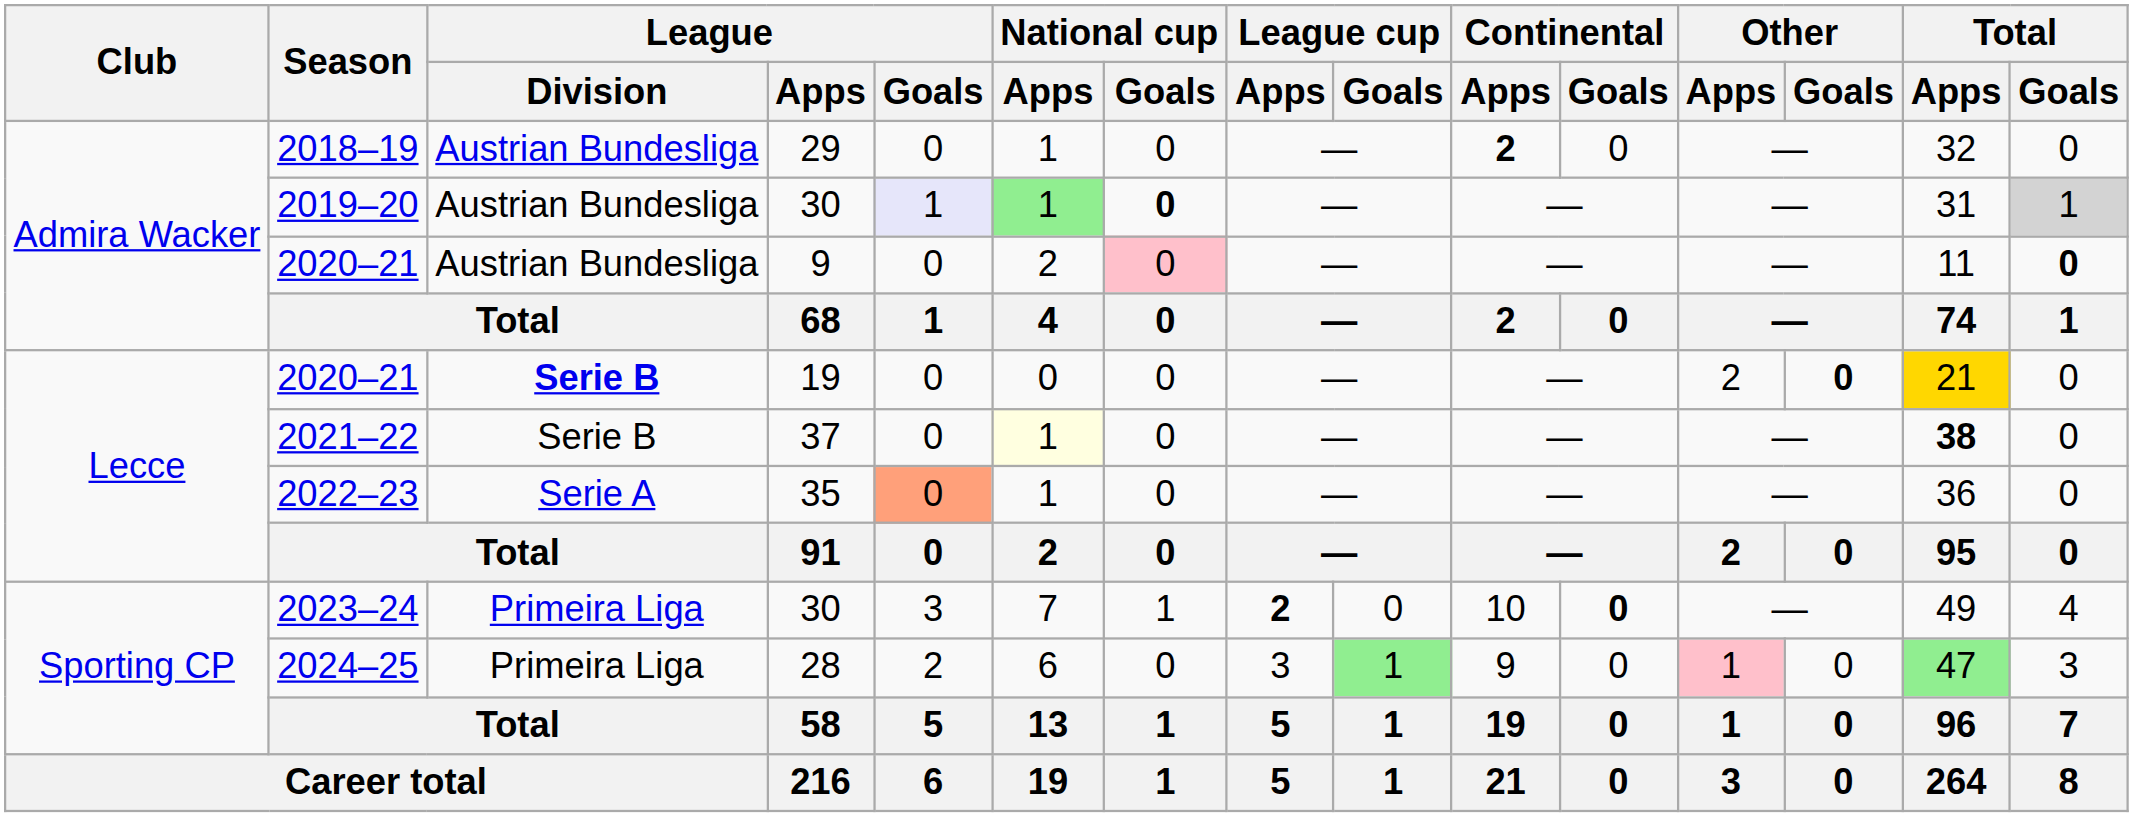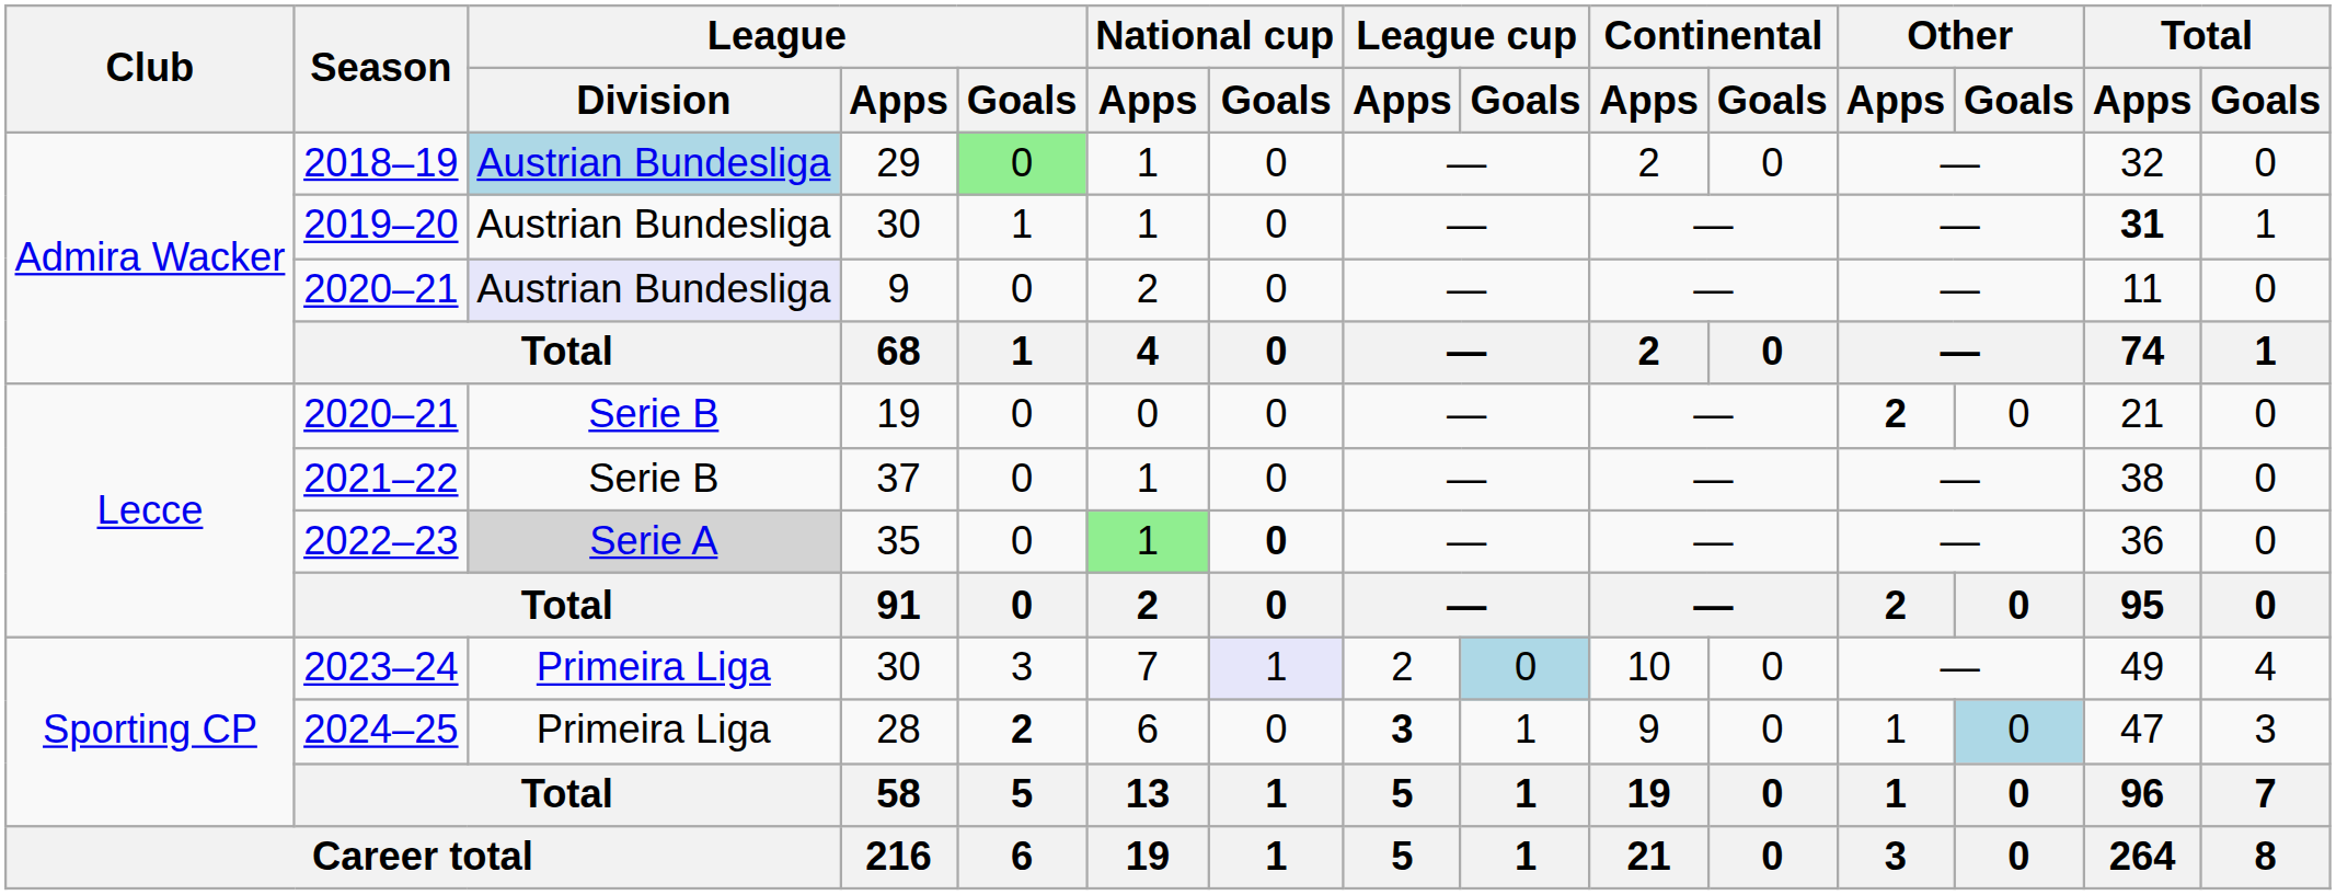 <table class="wikitable" style="text-align: center;">
 <tr>
 <th rowspan="2">Club</th>
 <th rowspan="2">Season</th>
 <th colspan="3">League</th>
 <th colspan="2">National cup</th>
 <th colspan="2">League cup</th>
 <th colspan="2">Continental</th>
 <th colspan="2">Other</th>
 <th colspan="2">Total</th>
 </tr>
 <tr>
 <th>Division</th>
 <th>Apps</th>
 <th>Goals</th>
 <th>Apps</th>
 <th>Goals</th>
 <th>Apps</th>
 <th>Goals</th>
 <th>Apps</th>
 <th>Goals</th>
 <th>Apps</th>
 <th>Goals</th>
 <th>Apps</th>
 <th>Goals</th>
 </tr>
 <tr>
 <td rowspan="4"><a href='#'>Admira Wacker</a></td>
 <td><a href='#'>2018–19</a></td>
-<td><a href='#'>Austrian Bundesliga</a></td>
+<td style="background: lightblue;"><a href='#'>Austrian Bundesliga</a></td>
 <td>29</td>
-<td>0</td>
+<td style="background: lightgreen;">0</td>
 <td>1</td>
 <td>0</td>
 <td colspan="2">—</td>
-<td><strong>2</strong></td>
+<td>2</td>
 <td>0</td>
 <td colspan="2">—</td>
 <td>32</td>
 <td>0</td>
 </tr>
 <tr>
 <td><a href='#'>2019–20</a></td>
 <td>Austrian Bundesliga</td>
 <td>30</td>
-<td style="background: lavender;">1</td>
-<td style="background: lightgreen;">1</td>
-<td><strong>0</strong></td>
+<td>1</td>
+<td>1</td>
+<td>0</td>
 <td colspan="2">—</td>
 <td colspan="2">—</td>
 <td colspan="2">—</td>
-<td>31</td>
-<td style="background: lightgrey;">1</td>
+<td><strong>31</strong></td>
+<td>1</td>
 </tr>
 <tr>
 <td><a href='#'>2020–21</a></td>
-<td>Austrian Bundesliga</td>
+<td style="background: lavender;">Austrian Bundesliga</td>
 <td>9</td>
 <td>0</td>
 <td>2</td>
-<td style="background: pink;">0</td>
+<td>0</td>
 <td colspan="2">—</td>
 <td colspan="2">—</td>
 <td colspan="2">—</td>
 <td>11</td>
-<td><strong>0</strong></td>
+<td>0</td>
 </tr>
 <tr>
 <th colspan="2">Total</th>
 <th>68</th>
 <th>1</th>
 <th>4</th>
 <th>0</th>
 <th colspan="2">—</th>
 <th>2</th>
 <th>0</th>
 <th colspan="2">—</th>
 <th>74</th>
 <th>1</th>
 </tr>
 <tr>
 <td rowspan="4"><a href='#'>Lecce</a></td>
 <td><a href='#'>2020–21</a></td>
-<td><strong><a href='#'>Serie B</a></strong></td>
+<td><a href='#'>Serie B</a></td>
 <td>19</td>
 <td>0</td>
 <td>0</td>
 <td>0</td>
 <td colspan="2">—</td>
 <td colspan="2">—</td>
-<td>2</td>
-<td><strong>0</strong></td>
-<td style="background: gold;">21</td>
+<td><strong>2</strong></td>
+<td>0</td>
+<td>21</td>
 <td>0</td>
 </tr>
 <tr>
 <td><a href='#'>2021–22</a></td>
 <td>Serie B</td>
 <td>37</td>
 <td>0</td>
-<td style="background: lightyellow;">1</td>
+<td>1</td>
 <td>0</td>
 <td colspan="2">—</td>
 <td colspan="2">—</td>
 <td colspan="2">—</td>
-<td><strong>38</strong></td>
+<td>38</td>
 <td>0</td>
 </tr>
 <tr>
 <td><a href='#'>2022–23</a></td>
-<td><a href='#'>Serie A</a></td>
+<td style="background: lightgrey;"><a href='#'>Serie A</a></td>
 <td>35</td>
-<td style="background: lightsalmon;">0</td>
-<td>1</td>
 <td>0</td>
+<td style="background: lightgreen;">1</td>
+<td><strong>0</strong></td>
 <td colspan="2">—</td>
 <td colspan="2">—</td>
 <td colspan="2">—</td>
 <td>36</td>
 <td>0</td>
 </tr>
 <tr>
 <th colspan="2">Total</th>
 <th>91</th>
 <th>0</th>
 <th>2</th>
 <th>0</th>
 <th colspan="2">—</th>
 <th colspan="2">—</th>
 <th>2</th>
 <th>0</th>
 <th>95</th>
 <th>0</th>
 </tr>
 <tr>
 <td rowspan="3"><a href='#'>Sporting CP</a></td>
 <td><a href='#'>2023–24</a></td>
 <td><a href='#'>Primeira Liga</a></td>
 <td>30</td>
 <td>3</td>
 <td>7</td>
-<td>1</td>
-<td><strong>2</strong></td>
+<td style="background: lavender;">1</td>
+<td>2</td>
+<td style="background: lightblue;">0</td>
+<td>10</td>
 <td>0</td>
-<td>10</td>
-<td><strong>0</strong></td>
 <td colspan="2">—</td>
 <td>49</td>
 <td>4</td>
 </tr>
 <tr>
 <td><a href='#'>2024–25</a></td>
 <td>Primeira Liga</td>
 <td>28</td>
-<td>2</td>
+<td><strong>2</strong></td>
 <td>6</td>
 <td>0</td>
-<td>3</td>
-<td style="background: lightgreen;">1</td>
+<td><strong>3</strong></td>
+<td>1</td>
 <td>9</td>
 <td>0</td>
-<td style="background: pink;">1</td>
-<td>0</td>
-<td style="background: lightgreen;">47</td>
+<td>1</td>
+<td style="background: lightblue;">0</td>
+<td>47</td>
 <td>3</td>
 </tr>
 <tr>
 <th colspan="2">Total</th>
 <th>58</th>
 <th>5</th>
 <th>13</th>
 <th>1</th>
 <th>5</th>
 <th>1</th>
 <th>19</th>
 <th>0</th>
 <th>1</th>
 <th>0</th>
 <th>96</th>
 <th>7</th>
 </tr>
 <tr>
 <th colspan="3">Career total</th>
 <th>216</th>
 <th>6</th>
 <th>19</th>
 <th>1</th>
 <th>5</th>
 <th>1</th>
 <th>21</th>
 <th>0</th>
 <th>3</th>
 <th>0</th>
 <th>264</th>
 <th>8</th>
 </tr>
 </table>
